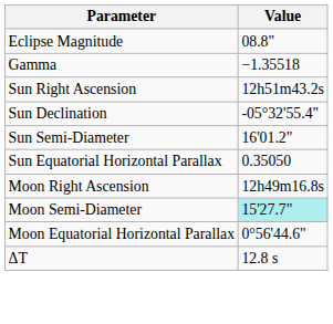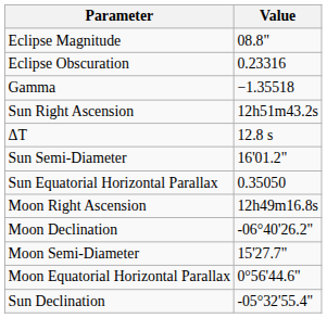 <table class="wikitable">
 <tr>
 <th>Parameter</th>
 <th>Value</th>
 </tr>
 <tr>
 <td>Eclipse Magnitude</td>
 <td>08.8"</td>
 </tr>
 <tr>
+<td>Eclipse Obscuration</td>
+<td>0.23316</td>
+</tr>
+<tr>
 <td>Gamma</td>
 <td>−1.35518</td>
 </tr>
 <tr>
 <td>Sun Right Ascension</td>
 <td>12h51m43.2s</td>
 </tr>
 <tr>
-<td>Sun Declination</td>
-<td>-05°32'55.4"</td>
+<td>ΔT</td>
+<td>12.8 s</td>
 </tr>
 <tr>
 <td>Sun Semi-Diameter</td>
 <td>16'01.2"</td>
 </tr>
 <tr>
 <td>Sun Equatorial Horizontal Parallax</td>
 <td>0.35050</td>
 </tr>
 <tr>
 <td>Moon Right Ascension</td>
 <td>12h49m16.8s</td>
 </tr>
 <tr>
+<td>Moon Declination</td>
+<td>-06°40'26.2"</td>
+</tr>
+<tr>
 <td>Moon Semi-Diameter</td>
-<td style="background: paleturquoise;">15'27.7"</td>
+<td>15'27.7"</td>
 </tr>
 <tr>
 <td>Moon Equatorial Horizontal Parallax</td>
 <td>0°56'44.6"</td>
 </tr>
 <tr>
-<td>ΔT</td>
-<td>12.8 s</td>
+<td>Sun Declination</td>
+<td>-05°32'55.4"</td>
 </tr>
 </table>
